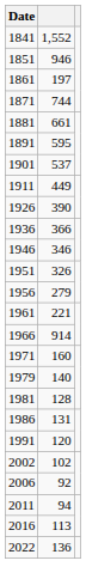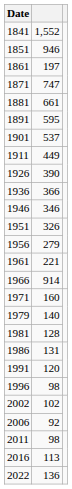 <table class="wikitable" style="display: inline-table;">
 <tr>
 <th>Date</th>
 <th></th>
 <th></th>
 </tr>
 <tr>
 <td>1841</td>
 <td align=right>1,552</td>
 <td rowspan=4></td>
 </tr>
 <tr>
 <td>1851</td>
 <td align=right>946</td>
 </tr>
 <tr>
 <td>1861</td>
 <td align=right>197</td>
 </tr>
 <tr>
 <td>1871</td>
-<td align=right>744</td>
+<td align=right>747</td>
 </tr>
 <tr>
 <td>1881</td>
 <td align=right>661</td>
 <td rowspan=3></td>
 </tr>
 <tr>
 <td>1891</td>
 <td align=right>595</td>
 </tr>
 <tr>
 <td>1901</td>
 <td align=right>537</td>
 </tr>
 <tr>
 <td>1911</td>
 <td align=right>449</td>
 <td rowspan=2></td>
 </tr>
 <tr>
 <td>1926</td>
 <td align=right>390</td>
 </tr>
 <tr>
 <td>1936</td>
 <td align=right>366</td>
 <td rowspan=2></td>
 </tr>
 <tr>
 <td>1946</td>
 <td align=right>346</td>
 </tr>
 <tr>
 <td>1951</td>
 <td align=right>326</td>
 <td rowspan=2></td>
 </tr>
 <tr>
 <td>1956</td>
 <td align=right>279</td>
 </tr>
 <tr>
 <td>1961</td>
 <td align=right>221</td>
 <td rowspan=2></td>
 </tr>
 <tr>
 <td>1966</td>
 <td align=right>914</td>
 </tr>
 <tr>
 <td>1971</td>
 <td align=right>160</td>
 <td rowspan=3></td>
 </tr>
 <tr>
 <td>1979</td>
 <td align=right>140</td>
 </tr>
 <tr>
 <td>1981</td>
 <td align=right>128</td>
 </tr>
 <tr>
 <td>1986</td>
 <td align=right>131</td>
 <td rowspan=2></td>
 </tr>
 <tr>
 <td>1991</td>
 <td align=right>120</td>
 </tr>
 <tr>
+<td>1996</td>
+<td align=right>98</td>
+<td></td>
+</tr>
+<tr>
 <td>2002</td>
 <td align=right>102</td>
 <td rowspan=2></td>
 </tr>
 <tr>
 <td>2006</td>
 <td align=right>92</td>
 </tr>
 <tr>
 <td>2011</td>
-<td align=right>94</td>
+<td align=right>98</td>
 <td rowspan=2></td>
 </tr>
 <tr>
 <td>2016</td>
 <td align=right>113</td>
 </tr>
 <tr>
 <td>2022</td>
 <td align=right>136</td>
 <td></td>
 </tr>
 </table>
